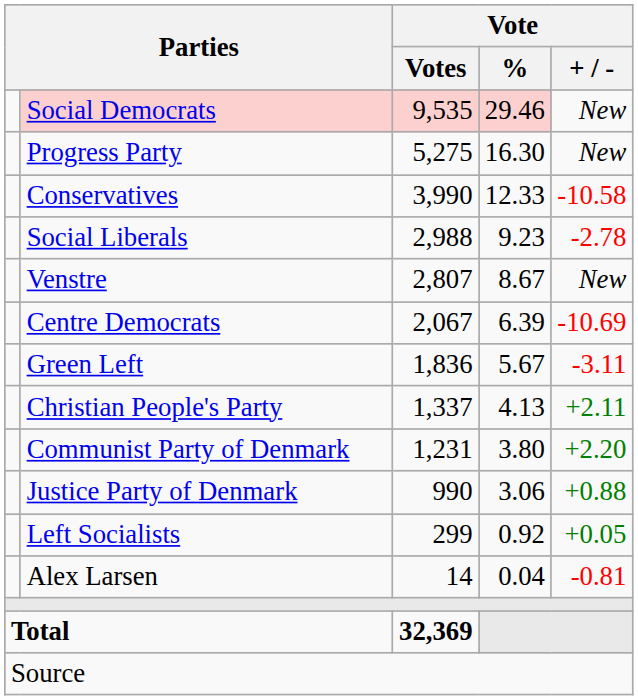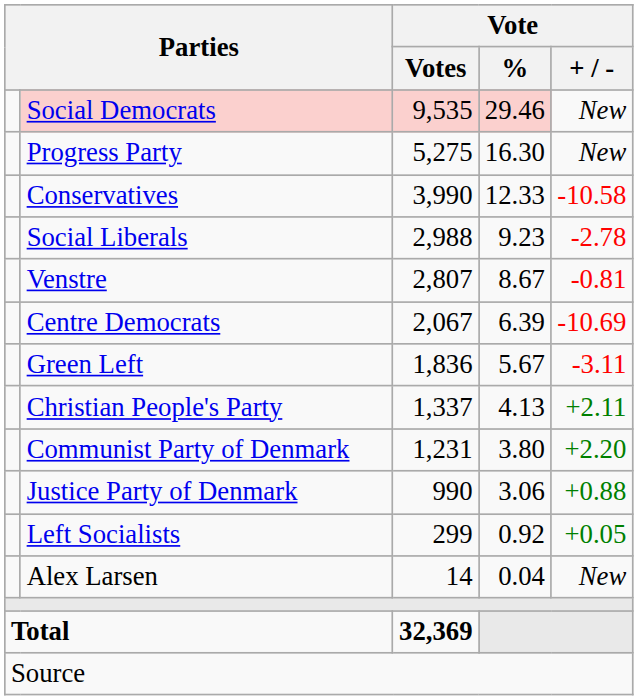 <table class="wikitable" style="text-align:right;">
 <tr>
 <th style="text-align:centre;" rowspan="2" colspan="2" width="225">Parties</th>
 <th colspan="3">Vote</th>
 </tr>
 <tr>
 <th width="15">Votes</th>
 <th width="15">%</th>
 <th width="15">+ / -</th>
 </tr>
 <tr>
 <td width="2" style="color:inherit;background:"></td>
 <td bgcolor=#fbd0ce  align="left"><a href='#'>Social Democrats</a></td>
 <td bgcolor=#fbd0ce>9,535</td>
 <td bgcolor=#fbd0ce>29.46</td>
 <td><em>New</em></td>
 </tr>
 <tr>
 <td width="2" style="color:inherit;background:"></td>
 <td align="left"><a href='#'>Progress Party</a></td>
 <td>5,275</td>
 <td>16.30</td>
 <td><em>New</em></td>
 </tr>
 <tr>
 <td width="2" style="color:inherit;background:"></td>
 <td align="left"><a href='#'>Conservatives</a></td>
 <td>3,990</td>
 <td>12.33</td>
 <td style=color:red;>-10.58</td>
 </tr>
 <tr>
 <td width="2" style="color:inherit;background:"></td>
 <td align="left"><a href='#'>Social Liberals</a></td>
 <td>2,988</td>
 <td>9.23</td>
 <td style=color:red;>-2.78</td>
 </tr>
 <tr>
 <td width="2" style="color:inherit;background:"></td>
 <td align="left"><a href='#'>Venstre</a></td>
 <td>2,807</td>
 <td>8.67</td>
-<td><em>New</em></td>
+<td style=color:red;>-0.81</td>
 </tr>
 <tr>
 <td width="2" style="color:inherit;background:"></td>
 <td align="left"><a href='#'>Centre Democrats</a></td>
 <td>2,067</td>
 <td>6.39</td>
 <td style=color:red;>-10.69</td>
 </tr>
 <tr>
 <td width="2" style="color:inherit;background:"></td>
 <td align="left"><a href='#'>Green Left</a></td>
 <td>1,836</td>
 <td>5.67</td>
 <td style=color:red;>-3.11</td>
 </tr>
 <tr>
 <td width="2" style="color:inherit;background:"></td>
 <td align="left"><a href='#'>Christian People's Party</a></td>
 <td>1,337</td>
 <td>4.13</td>
 <td style=color:green;>+2.11</td>
 </tr>
 <tr>
 <td width="2" style="color:inherit;background:"></td>
 <td align="left"><a href='#'>Communist Party of Denmark</a></td>
 <td>1,231</td>
 <td>3.80</td>
 <td style=color:green;>+2.20</td>
 </tr>
 <tr>
 <td width="2" style="color:inherit;background:"></td>
 <td align="left"><a href='#'>Justice Party of Denmark</a></td>
 <td>990</td>
 <td>3.06</td>
 <td style=color:green;>+0.88</td>
 </tr>
 <tr>
 <td width="2" style="color:inherit;background:"></td>
 <td align="left"><a href='#'>Left Socialists</a></td>
 <td>299</td>
 <td>0.92</td>
 <td style=color:green;>+0.05</td>
 </tr>
 <tr>
 <td width="2" style="color:inherit;background:"></td>
 <td align="left">Alex Larsen</td>
 <td>14</td>
 <td>0.04</td>
-<td style=color:red;>-0.81</td>
+<td><em>New</em></td>
 </tr>
 <tr>
 <td colspan="7" bgcolor="#E9E9E9"></td>
 </tr>
 <tr>
 <td align="left" colspan="2"><strong>Total</strong></td>
 <td><strong>32,369</strong></td>
 <td bgcolor="#E9E9E9" colspan="2"></td>
 </tr>
 <tr>
 <td align="left" colspan="6">Source</td>
 </tr>
 </table>
